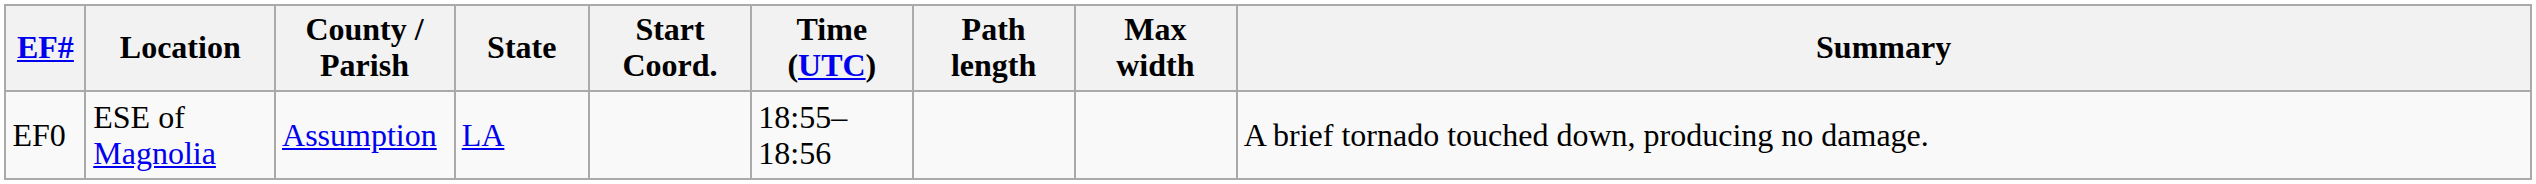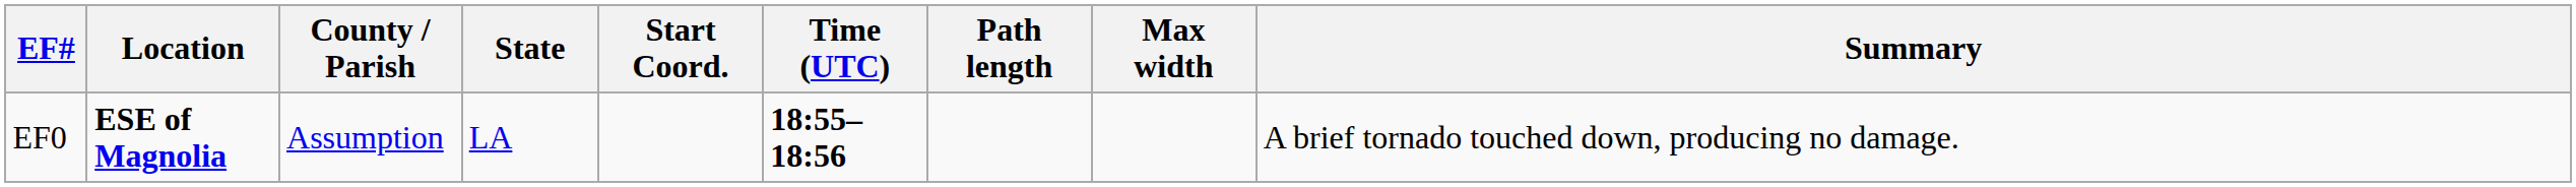 <table class="wikitable sortable" style="width:100%;">
 <tr>
 <th scope="col"  style="width:3%; text-align:center;"><a href='#'>EF#</a></th>
 <th scope="col"  style="width:7%; text-align:center;" class="unsortable">Location</th>
 <th scope="col"  style="width:6%; text-align:center;" class="unsortable">County / Parish</th>
 <th scope="col"  style="width:5%; text-align:center;">State</th>
 <th scope="col"  style="width:6%; text-align:center;">Start Coord.</th>
 <th scope="col"  style="width:6%; text-align:center;">Time (<a href='#'>UTC</a>)</th>
 <th scope="col"  style="width:6%; text-align:center;">Path length</th>
 <th scope="col"  style="width:6%; text-align:center;">Max width</th>
 <th scope="col" class="unsortable" style="width:48%; text-align:center;">Summary</th>
 </tr>
 <tr>
 <td>EF0</td>
-<td>ESE of <a href='#'>Magnolia</a></td>
+<td><strong>ESE of <a href='#'>Magnolia</a></strong></td>
 <td><a href='#'>Assumption</a></td>
 <td><a href='#'>LA</a></td>
 <td></td>
-<td>18:55–18:56</td>
+<td><strong>18:55–18:56</strong></td>
 <td></td>
 <td></td>
 <td>A brief tornado touched down, producing no damage.</td>
 </tr>
 <tr>
 </tr>
 </table>
